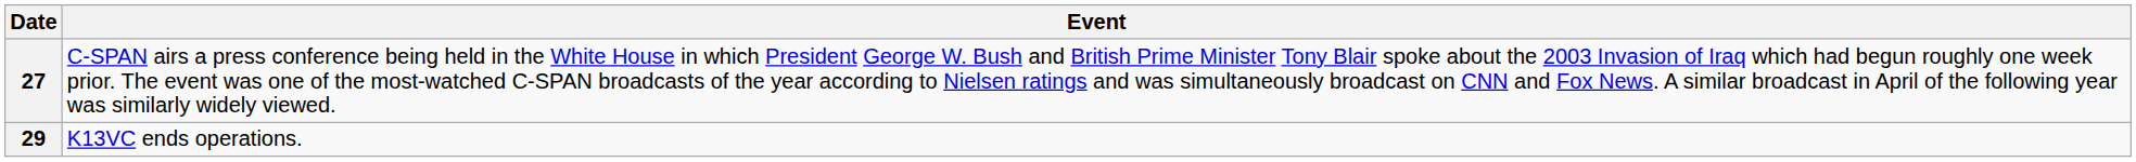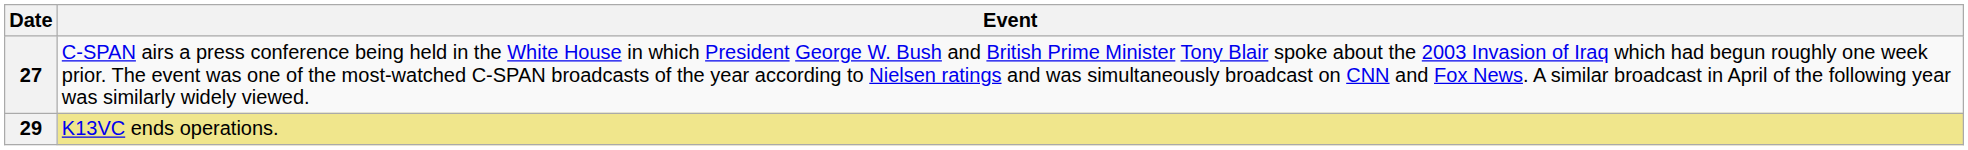 <table class="wikitable">
 <tr>
 <th>Date</th>
 <th>Event</th>
 </tr>
 <tr>
 <th>27</th>
 <td><a href='#'>C-SPAN</a> airs a press conference being held in the <a href='#'>White House</a> in which <a href='#'>President</a> <a href='#'>George W. Bush</a> and <a href='#'>British Prime Minister</a> <a href='#'>Tony Blair</a> spoke about the <a href='#'>2003 Invasion of Iraq</a> which had begun roughly one week prior.  The event was one of the most-watched C-SPAN broadcasts of the year according to <a href='#'>Nielsen ratings</a> and was simultaneously broadcast on <a href='#'>CNN</a> and <a href='#'>Fox News</a>.  A similar broadcast in April of the following year was similarly widely viewed.</td>
 </tr>
 <tr>
 <th>29</th>
-<td><a href='#'>K13VC</a> ends operations.</td>
+<td style="background: khaki;"><a href='#'>K13VC</a> ends operations.</td>
 </tr>
 </table>
